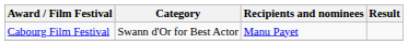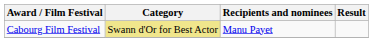 <table class="wikitable plainrowheaders sortable">
 <tr style="background:#ccc; text-align:center;">
 <th scope="col">Award / Film Festival</th>
 <th scope="col">Category</th>
 <th scope="col">Recipients and nominees</th>
 <th scope="col">Result</th>
 </tr>
 <tr>
 <td><a href='#'>Cabourg Film Festival</a></td>
-<td>Swann d'Or for Best Actor</td>
+<td style="background: khaki;">Swann d'Or for Best Actor</td>
 <td><a href='#'>Manu Payet</a></td>
 <td></td>
 </tr>
 <tr>
 </tr>
 </table>
